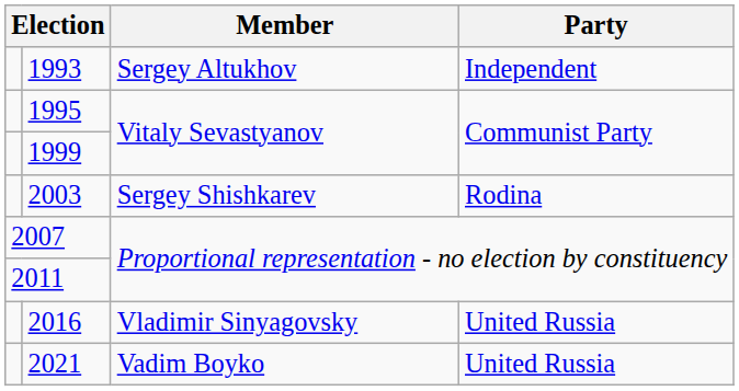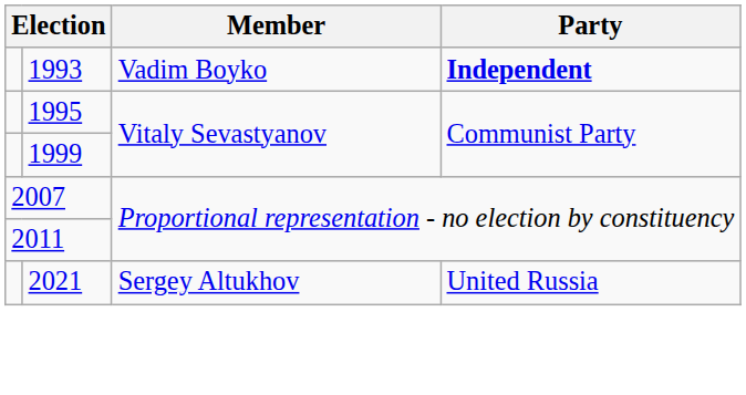 <table class="wikitable">
 <tr>
 <th colspan="2">Election</th>
 <th>Member</th>
 <th>Party</th>
 </tr>
 <tr>
 <td style="background-color: "></td>
 <td><a href='#'>1993</a></td>
-<td><a href='#'>Sergey Altukhov</a></td>
-<td><a href='#'>Independent</a></td>
+<td><a href='#'>Vadim Boyko</a></td>
+<td><strong><a href='#'>Independent</a></strong></td>
 </tr>
 <tr>
 <td style="background-color: "></td>
 <td><a href='#'>1995</a></td>
 <td rowspan=2><a href='#'>Vitaly Sevastyanov</a></td>
 <td rowspan=2><a href='#'>Communist Party</a></td>
 </tr>
 <tr>
 <td style="background-color: "></td>
 <td><a href='#'>1999</a></td>
 </tr>
 <tr>
-<td style="background-color: "></td>
-<td><a href='#'>2003</a></td>
-<td><a href='#'>Sergey Shishkarev</a></td>
-<td><a href='#'>Rodina</a></td>
-</tr>
-<tr>
 <td colspan=2><a href='#'>2007</a></td>
 <td colspan=2 rowspan=2><em><a href='#'>Proportional representation</a> - no election by constituency</em></td>
 </tr>
 <tr>
 <td colspan=2><a href='#'>2011</a></td>
 </tr>
 <tr>
 <td style="background-color: "></td>
-<td><a href='#'>2016</a></td>
-<td><a href='#'>Vladimir Sinyagovsky</a></td>
-<td><a href='#'>United Russia</a></td>
-</tr>
-<tr>
-<td style="background-color: "></td>
 <td><a href='#'>2021</a></td>
-<td><a href='#'>Vadim Boyko</a></td>
+<td><a href='#'>Sergey Altukhov</a></td>
 <td><a href='#'>United Russia</a></td>
 </tr>
 </table>
